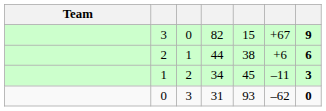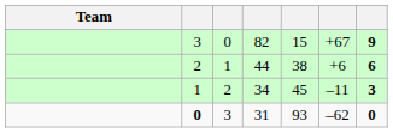 <table class="wikitable" style="text-align:center;">
 <tr>
 <th style="width:11.0em;">Team</th>
 <th style="width:1.5em;"></th>
 <th style="width:1.5em;"></th>
 <th style="width:2.0em;"></th>
 <th style="width:2.0em;"></th>
 <th style="width:2.0em;"></th>
 <th style="width:1.5em;"></th>
 </tr>
 <tr bgcolor=#cfc>
 <td align="left"></td>
 <td>3</td>
 <td>0</td>
 <td>82</td>
 <td>15</td>
 <td>+67</td>
 <td><strong>9</strong></td>
 </tr>
 <tr bgcolor=#cfc>
 <td align="left"></td>
 <td>2</td>
 <td>1</td>
 <td>44</td>
 <td>38</td>
 <td>+6</td>
 <td><strong>6</strong></td>
 </tr>
 <tr bgcolor=#cfc>
 <td align="left"></td>
 <td>1</td>
 <td>2</td>
 <td>34</td>
 <td>45</td>
 <td>–11</td>
 <td><strong>3</strong></td>
 </tr>
 <tr>
 <td align="left"></td>
-<td>0</td>
+<td><strong>0</strong></td>
 <td>3</td>
 <td>31</td>
 <td>93</td>
 <td>–62</td>
 <td><strong>0</strong></td>
 </tr>
 </table>
